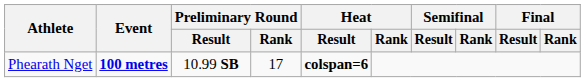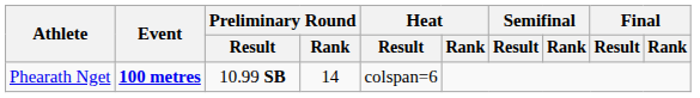 <table class="wikitable" style="font-size:90%">
 <tr>
 <th rowspan="2">Athlete</th>
 <th rowspan="2">Event</th>
 <th colspan="2">Preliminary Round</th>
 <th colspan="2">Heat</th>
 <th colspan="2">Semifinal</th>
 <th colspan="2">Final</th>
 </tr>
 <tr style="font-size:95%">
 <th>Result</th>
 <th>Rank</th>
 <th>Result</th>
 <th>Rank</th>
 <th>Result</th>
 <th>Rank</th>
 <th>Result</th>
 <th>Rank</th>
 </tr>
 <tr style=text-align:center>
 <td style=text-align:left><a href='#'>Phearath Nget</a></td>
 <td style=text-align:left><strong><a href='#'>100 metres</a></strong></td>
 <td>10.99 <strong>SB</strong></td>
-<td>17</td>
-<td><strong>colspan=6 </strong></td>
+<td>14</td>
+<td>colspan=6 </td>
 </tr>
 </table>
